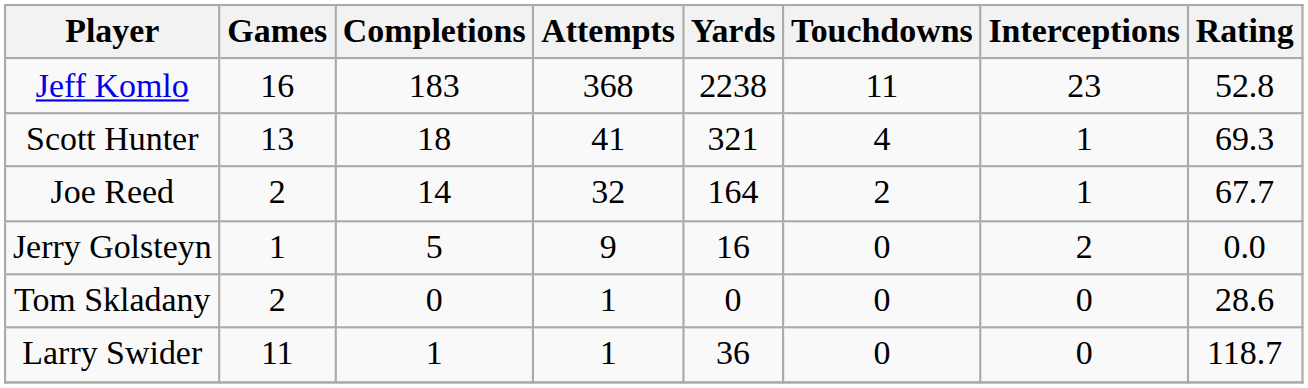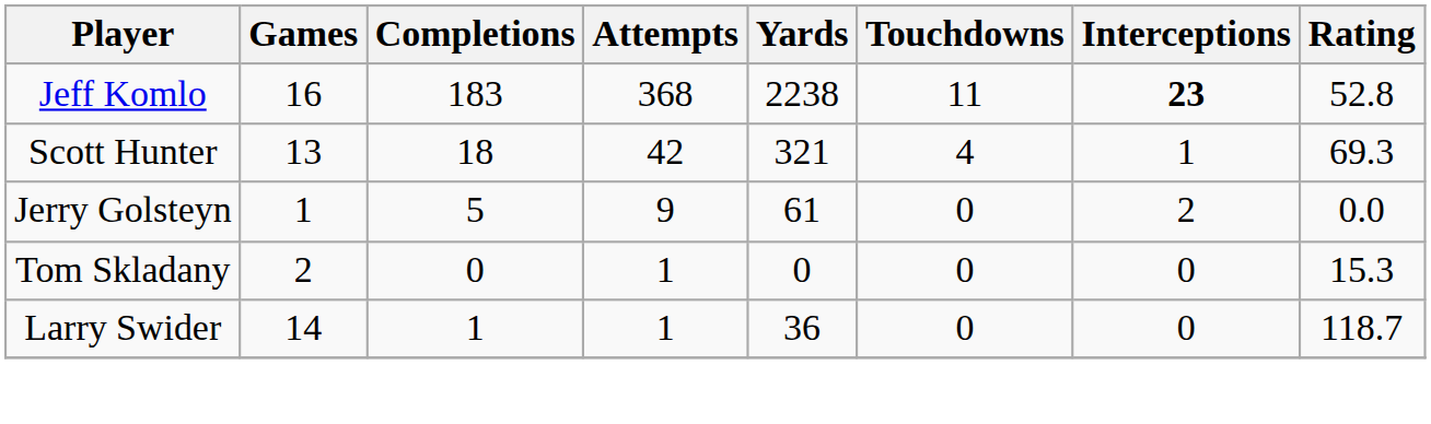 <table class="wikitable" style="text-align:center">
 <tr>
 <th>Player</th>
 <th>Games</th>
 <th>Completions</th>
 <th>Attempts</th>
 <th>Yards</th>
 <th>Touchdowns</th>
 <th>Interceptions</th>
 <th>Rating</th>
 </tr>
 <tr>
 <td><a href='#'>Jeff Komlo</a></td>
 <td>16</td>
 <td>183</td>
 <td>368</td>
 <td>2238</td>
 <td>11</td>
-<td>23</td>
+<td><strong>23</strong></td>
 <td>52.8</td>
 </tr>
 <tr>
 <td>Scott Hunter</td>
 <td>13</td>
 <td>18</td>
-<td>41</td>
+<td>42</td>
 <td>321</td>
 <td>4</td>
 <td>1</td>
 <td>69.3</td>
 </tr>
 <tr>
-<td>Joe Reed</td>
-<td>2</td>
-<td>14</td>
-<td>32</td>
-<td>164</td>
-<td>2</td>
-<td>1</td>
-<td>67.7</td>
-</tr>
-<tr>
 <td>Jerry Golsteyn</td>
 <td>1</td>
 <td>5</td>
 <td>9</td>
-<td>16</td>
+<td>61</td>
 <td>0</td>
 <td>2</td>
 <td>0.0</td>
 </tr>
 <tr>
 <td>Tom Skladany</td>
 <td>2</td>
 <td>0</td>
 <td>1</td>
 <td>0</td>
 <td>0</td>
 <td>0</td>
-<td>28.6</td>
+<td>15.3</td>
 </tr>
 <tr>
 <td>Larry Swider</td>
-<td>11</td>
+<td>14</td>
 <td>1</td>
 <td>1</td>
 <td>36</td>
 <td>0</td>
 <td>0</td>
 <td>118.7</td>
 </tr>
 <tr>
 </tr>
 </table>
